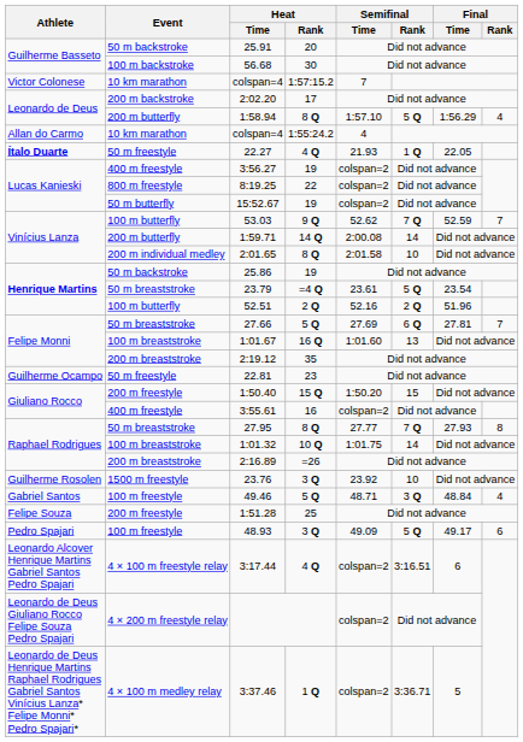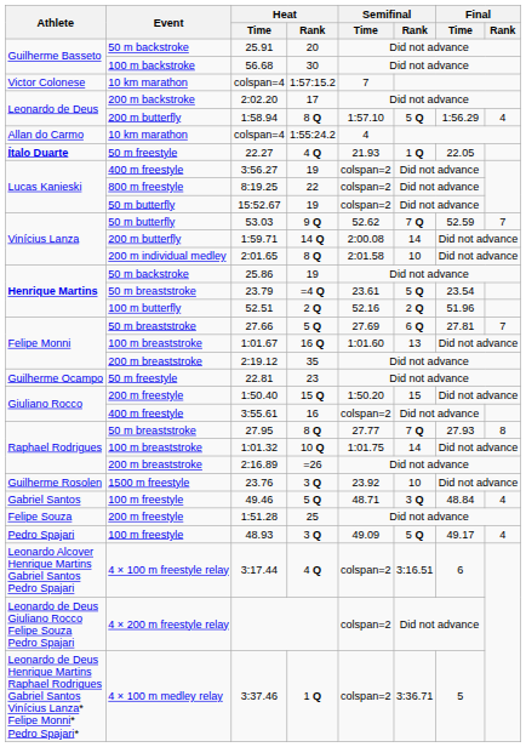 <table class=wikitable style="font-size:90%">
 <tr>
 <th rowspan="2">Athlete</th>
 <th rowspan="2">Event</th>
 <th colspan="2">Heat</th>
 <th colspan="2">Semifinal</th>
 <th colspan="2">Final</th>
 </tr>
 <tr style="font-size:95%">
 <th>Time</th>
 <th>Rank</th>
 <th>Time</th>
 <th>Rank</th>
 <th>Time</th>
 <th>Rank</th>
 </tr>
 <tr align=center>
 <td align=left rowspan=2><a href='#'>Guilherme Basseto</a></td>
 <td align=left><a href='#'>50 m backstroke</a></td>
 <td>25.91</td>
 <td>20</td>
 <td colspan=4>Did not advance</td>
 </tr>
 <tr align=center>
 <td align=left><a href='#'>100 m backstroke</a></td>
 <td>56.68</td>
 <td>30</td>
 <td colspan=4>Did not advance</td>
 </tr>
 <tr align=center>
 <td align=left><a href='#'>Victor Colonese</a></td>
 <td align=left><a href='#'>10 km marathon</a></td>
 <td>colspan=4 </td>
 <td>1:57:15.2</td>
 <td>7</td>
 </tr>
 <tr align=center>
 <td align=left rowspan=2><a href='#'>Leonardo de Deus</a></td>
 <td align=left><a href='#'>200 m backstroke</a></td>
 <td>2:02.20</td>
 <td>17</td>
 <td colspan=4>Did not advance</td>
 </tr>
 <tr align=center>
 <td align=left><a href='#'>200 m butterfly</a></td>
 <td>1:58.94</td>
 <td>8 <strong>Q</strong></td>
 <td>1:57.10</td>
 <td>5 <strong>Q</strong></td>
 <td>1:56.29</td>
 <td>4</td>
 </tr>
 <tr align=center>
 <td align=left><a href='#'>Allan do Carmo</a></td>
 <td align=left><a href='#'>10 km marathon</a></td>
 <td>colspan=4 </td>
 <td>1:55:24.2</td>
 <td>4</td>
 </tr>
 <tr align=center>
 <td align=left><strong><a href='#'>Ítalo Duarte</a></strong></td>
 <td align=left><a href='#'>50 m freestyle</a></td>
 <td>22.27</td>
 <td>4 <strong>Q</strong></td>
 <td>21.93</td>
 <td>1 <strong>Q</strong></td>
 <td>22.05</td>
 <td></td>
 </tr>
 <tr align=center>
 <td align=left rowspan=3><a href='#'>Lucas Kanieski</a></td>
 <td align=left><a href='#'>400 m freestyle</a></td>
 <td>3:56.27</td>
 <td>19</td>
 <td>colspan=2 </td>
 <td colspan=2>Did not advance</td>
 </tr>
 <tr align=center>
 <td align=left><a href='#'>800 m freestyle</a></td>
 <td>8:19.25</td>
 <td>22</td>
 <td>colspan=2 </td>
 <td colspan=2>Did not advance</td>
 </tr>
 <tr align=center>
 <td align=left><a href='#'>50 m butterfly</a></td>
 <td>15:52.67</td>
 <td>19</td>
 <td>colspan=2 </td>
 <td colspan=2>Did not advance</td>
 </tr>
 <tr align=center>
 <td align=left rowspan=3><a href='#'>Vinícius Lanza</a></td>
-<td align=left><a href='#'>100 m butterfly</a></td>
+<td align=left><a href='#'>50 m butterfly</a></td>
 <td>53.03</td>
 <td>9 <strong>Q</strong></td>
 <td>52.62</td>
 <td>7 <strong>Q</strong></td>
 <td>52.59</td>
 <td>7</td>
 </tr>
 <tr align=center>
 <td align=left><a href='#'>200 m butterfly</a></td>
 <td>1:59.71</td>
 <td>14 <strong>Q</strong></td>
 <td>2:00.08</td>
 <td>14</td>
 <td colspan=2>Did not advance</td>
 </tr>
 <tr align=center>
 <td align=left><a href='#'>200 m individual medley</a></td>
 <td>2:01.65</td>
 <td>8 <strong>Q</strong></td>
 <td>2:01.58</td>
 <td>10</td>
 <td colspan=2>Did not advance</td>
 </tr>
 <tr align=center>
 <td align=left rowspan=3><strong><a href='#'>Henrique Martins</a></strong></td>
 <td align=left><a href='#'>50 m backstroke</a></td>
 <td>25.86</td>
 <td>19</td>
 <td colspan=4>Did not advance</td>
 </tr>
 <tr align=center>
 <td align=left><a href='#'>50 m breaststroke</a></td>
 <td>23.79</td>
 <td>=4 <strong>Q</strong></td>
 <td>23.61</td>
 <td>5 <strong>Q</strong></td>
 <td>23.54</td>
 <td></td>
 </tr>
 <tr align=center>
 <td align=left><a href='#'>100 m butterfly</a></td>
 <td>52.51</td>
 <td>2 <strong>Q</strong></td>
 <td>52.16</td>
 <td>2 <strong>Q</strong></td>
 <td>51.96</td>
 <td></td>
 </tr>
 <tr align=center>
 <td align=left rowspan=3><a href='#'>Felipe Monni</a></td>
 <td align=left><a href='#'>50 m breaststroke</a></td>
 <td>27.66</td>
 <td>5 <strong>Q</strong></td>
 <td>27.69</td>
 <td>6 <strong>Q</strong></td>
 <td>27.81</td>
 <td>7</td>
 </tr>
 <tr align=center>
 <td align=left><a href='#'>100 m breaststroke</a></td>
 <td>1:01.67</td>
 <td>16 <strong>Q</strong></td>
 <td>1:01.60</td>
 <td>13</td>
 <td colspan=2>Did not advance</td>
 </tr>
 <tr align=center>
 <td align=left><a href='#'>200 m breaststroke</a></td>
 <td>2:19.12</td>
 <td>35</td>
 <td colspan=4>Did not advance</td>
 </tr>
 <tr align=center>
 <td align=left><a href='#'>Guilherme Ocampo</a></td>
 <td align=left><a href='#'>50 m freestyle</a></td>
 <td>22.81</td>
 <td>23</td>
 <td colspan=4>Did not advance</td>
 </tr>
 <tr align=center>
 <td align=left rowspan=2><a href='#'>Giuliano Rocco</a></td>
 <td align=left><a href='#'>200 m freestyle</a></td>
 <td>1:50.40</td>
 <td>15 <strong>Q</strong></td>
 <td>1:50.20</td>
 <td>15</td>
 <td colspan=2>Did not advance</td>
 </tr>
 <tr align=center>
 <td align=left><a href='#'>400 m freestyle</a></td>
 <td>3:55.61</td>
 <td>16</td>
 <td>colspan=2 </td>
 <td colspan=2>Did not advance</td>
 </tr>
 <tr align=center>
 <td align=left rowspan=3><a href='#'>Raphael Rodrigues</a></td>
 <td align=left><a href='#'>50 m breaststroke</a></td>
 <td>27.95</td>
 <td>8 <strong>Q</strong></td>
 <td>27.77</td>
 <td>7 <strong>Q</strong></td>
 <td>27.93</td>
 <td>8</td>
 </tr>
 <tr align=center>
 <td align=left><a href='#'>100 m breaststroke</a></td>
 <td>1:01.32</td>
 <td>10 <strong>Q</strong></td>
 <td>1:01.75</td>
 <td>14</td>
 <td colspan=2>Did not advance</td>
 </tr>
 <tr align=center>
 <td align=left><a href='#'>200 m breaststroke</a></td>
 <td>2:16.89</td>
 <td>=26</td>
 <td colspan=4>Did not advance</td>
 </tr>
 <tr align=center>
 <td align=left><a href='#'>Guilherme Rosolen</a></td>
 <td align=left><a href='#'>1500 m freestyle</a></td>
 <td>23.76</td>
 <td>3 <strong>Q</strong></td>
 <td>23.92</td>
 <td>10</td>
 <td colspan=2>Did not advance</td>
 </tr>
 <tr align=center>
 <td align=left><a href='#'>Gabriel Santos</a></td>
 <td align=left><a href='#'>100 m freestyle</a></td>
 <td>49.46</td>
 <td>5 <strong>Q</strong></td>
 <td>48.71</td>
 <td>3 <strong>Q</strong></td>
 <td>48.84</td>
 <td>4</td>
 </tr>
 <tr align=center>
 <td align=left><a href='#'>Felipe Souza</a></td>
 <td align=left><a href='#'>200 m freestyle</a></td>
 <td>1:51.28</td>
 <td>25</td>
 <td colspan=4>Did not advance</td>
 </tr>
 <tr align=center>
 <td align=left><a href='#'>Pedro Spajari</a></td>
 <td align=left><a href='#'>100 m freestyle</a></td>
 <td>48.93</td>
 <td>3 <strong>Q</strong></td>
 <td>49.09</td>
 <td>5 <strong>Q</strong></td>
 <td>49.17</td>
-<td>6</td>
+<td>4</td>
 </tr>
 <tr align=center>
 <td align=left><a href='#'>Leonardo Alcover</a><br> <a href='#'>Henrique Martins</a><br> <a href='#'>Gabriel Santos</a><br> <a href='#'>Pedro Spajari</a></td>
 <td align=left><a href='#'>4 × 100 m freestyle relay</a></td>
 <td>3:17.44</td>
 <td>4 <strong>Q</strong></td>
 <td>colspan=2 </td>
 <td>3:16.51</td>
 <td>6</td>
 </tr>
 <tr align=center>
 <td align=left><a href='#'>Leonardo de Deus</a><br> <a href='#'>Giuliano Rocco</a><br> <a href='#'>Felipe Souza</a><br> <a href='#'>Pedro Spajari</a></td>
 <td align=left><a href='#'>4 × 200 m freestyle relay</a></td>
 <td colspan=2></td>
 <td>colspan=2 </td>
 <td colspan=2>Did not advance</td>
 </tr>
 <tr align=center>
 <td align=left><a href='#'>Leonardo de Deus</a><br> <a href='#'>Henrique Martins</a><br> <a href='#'>Raphael Rodrigues</a><br> <a href='#'>Gabriel Santos</a><br> <a href='#'>Vinícius Lanza</a>*<br> <a href='#'>Felipe Monni</a>*<br> <a href='#'>Pedro Spajari</a>*</td>
 <td align=left><a href='#'>4 × 100 m medley relay</a></td>
 <td>3:37.46</td>
 <td>1 <strong>Q</strong></td>
 <td>colspan=2 </td>
 <td>3:36.71</td>
 <td>5</td>
 </tr>
 </table>
